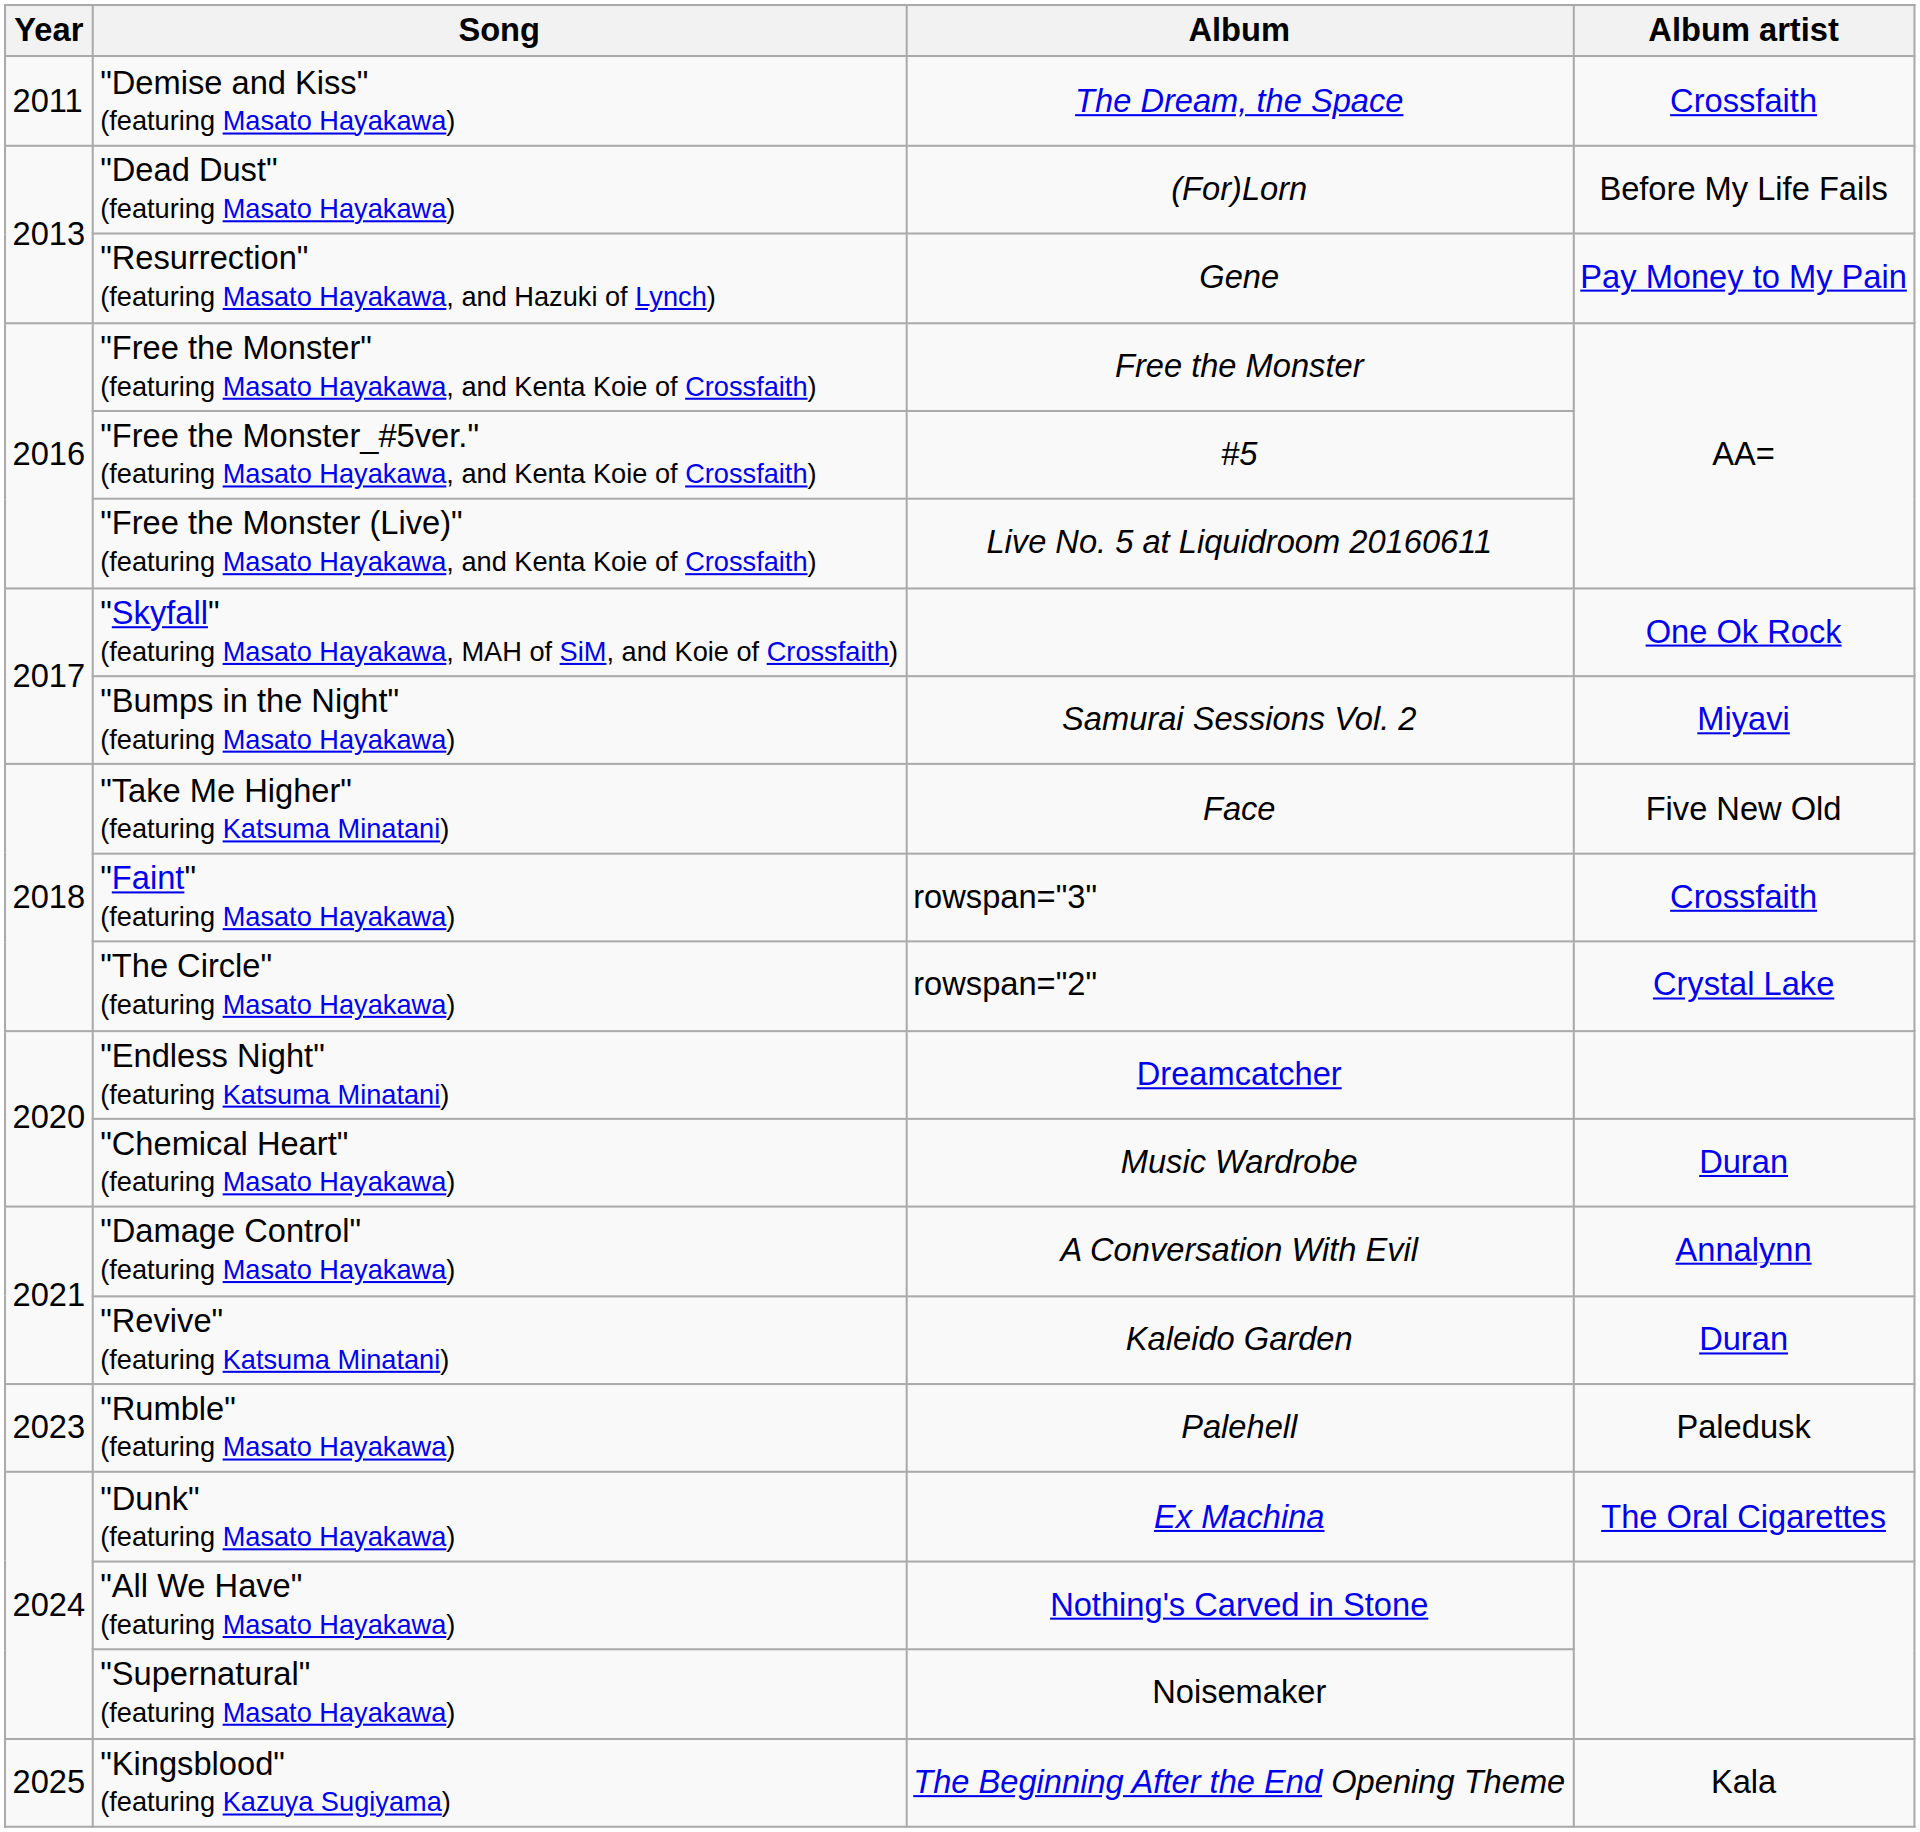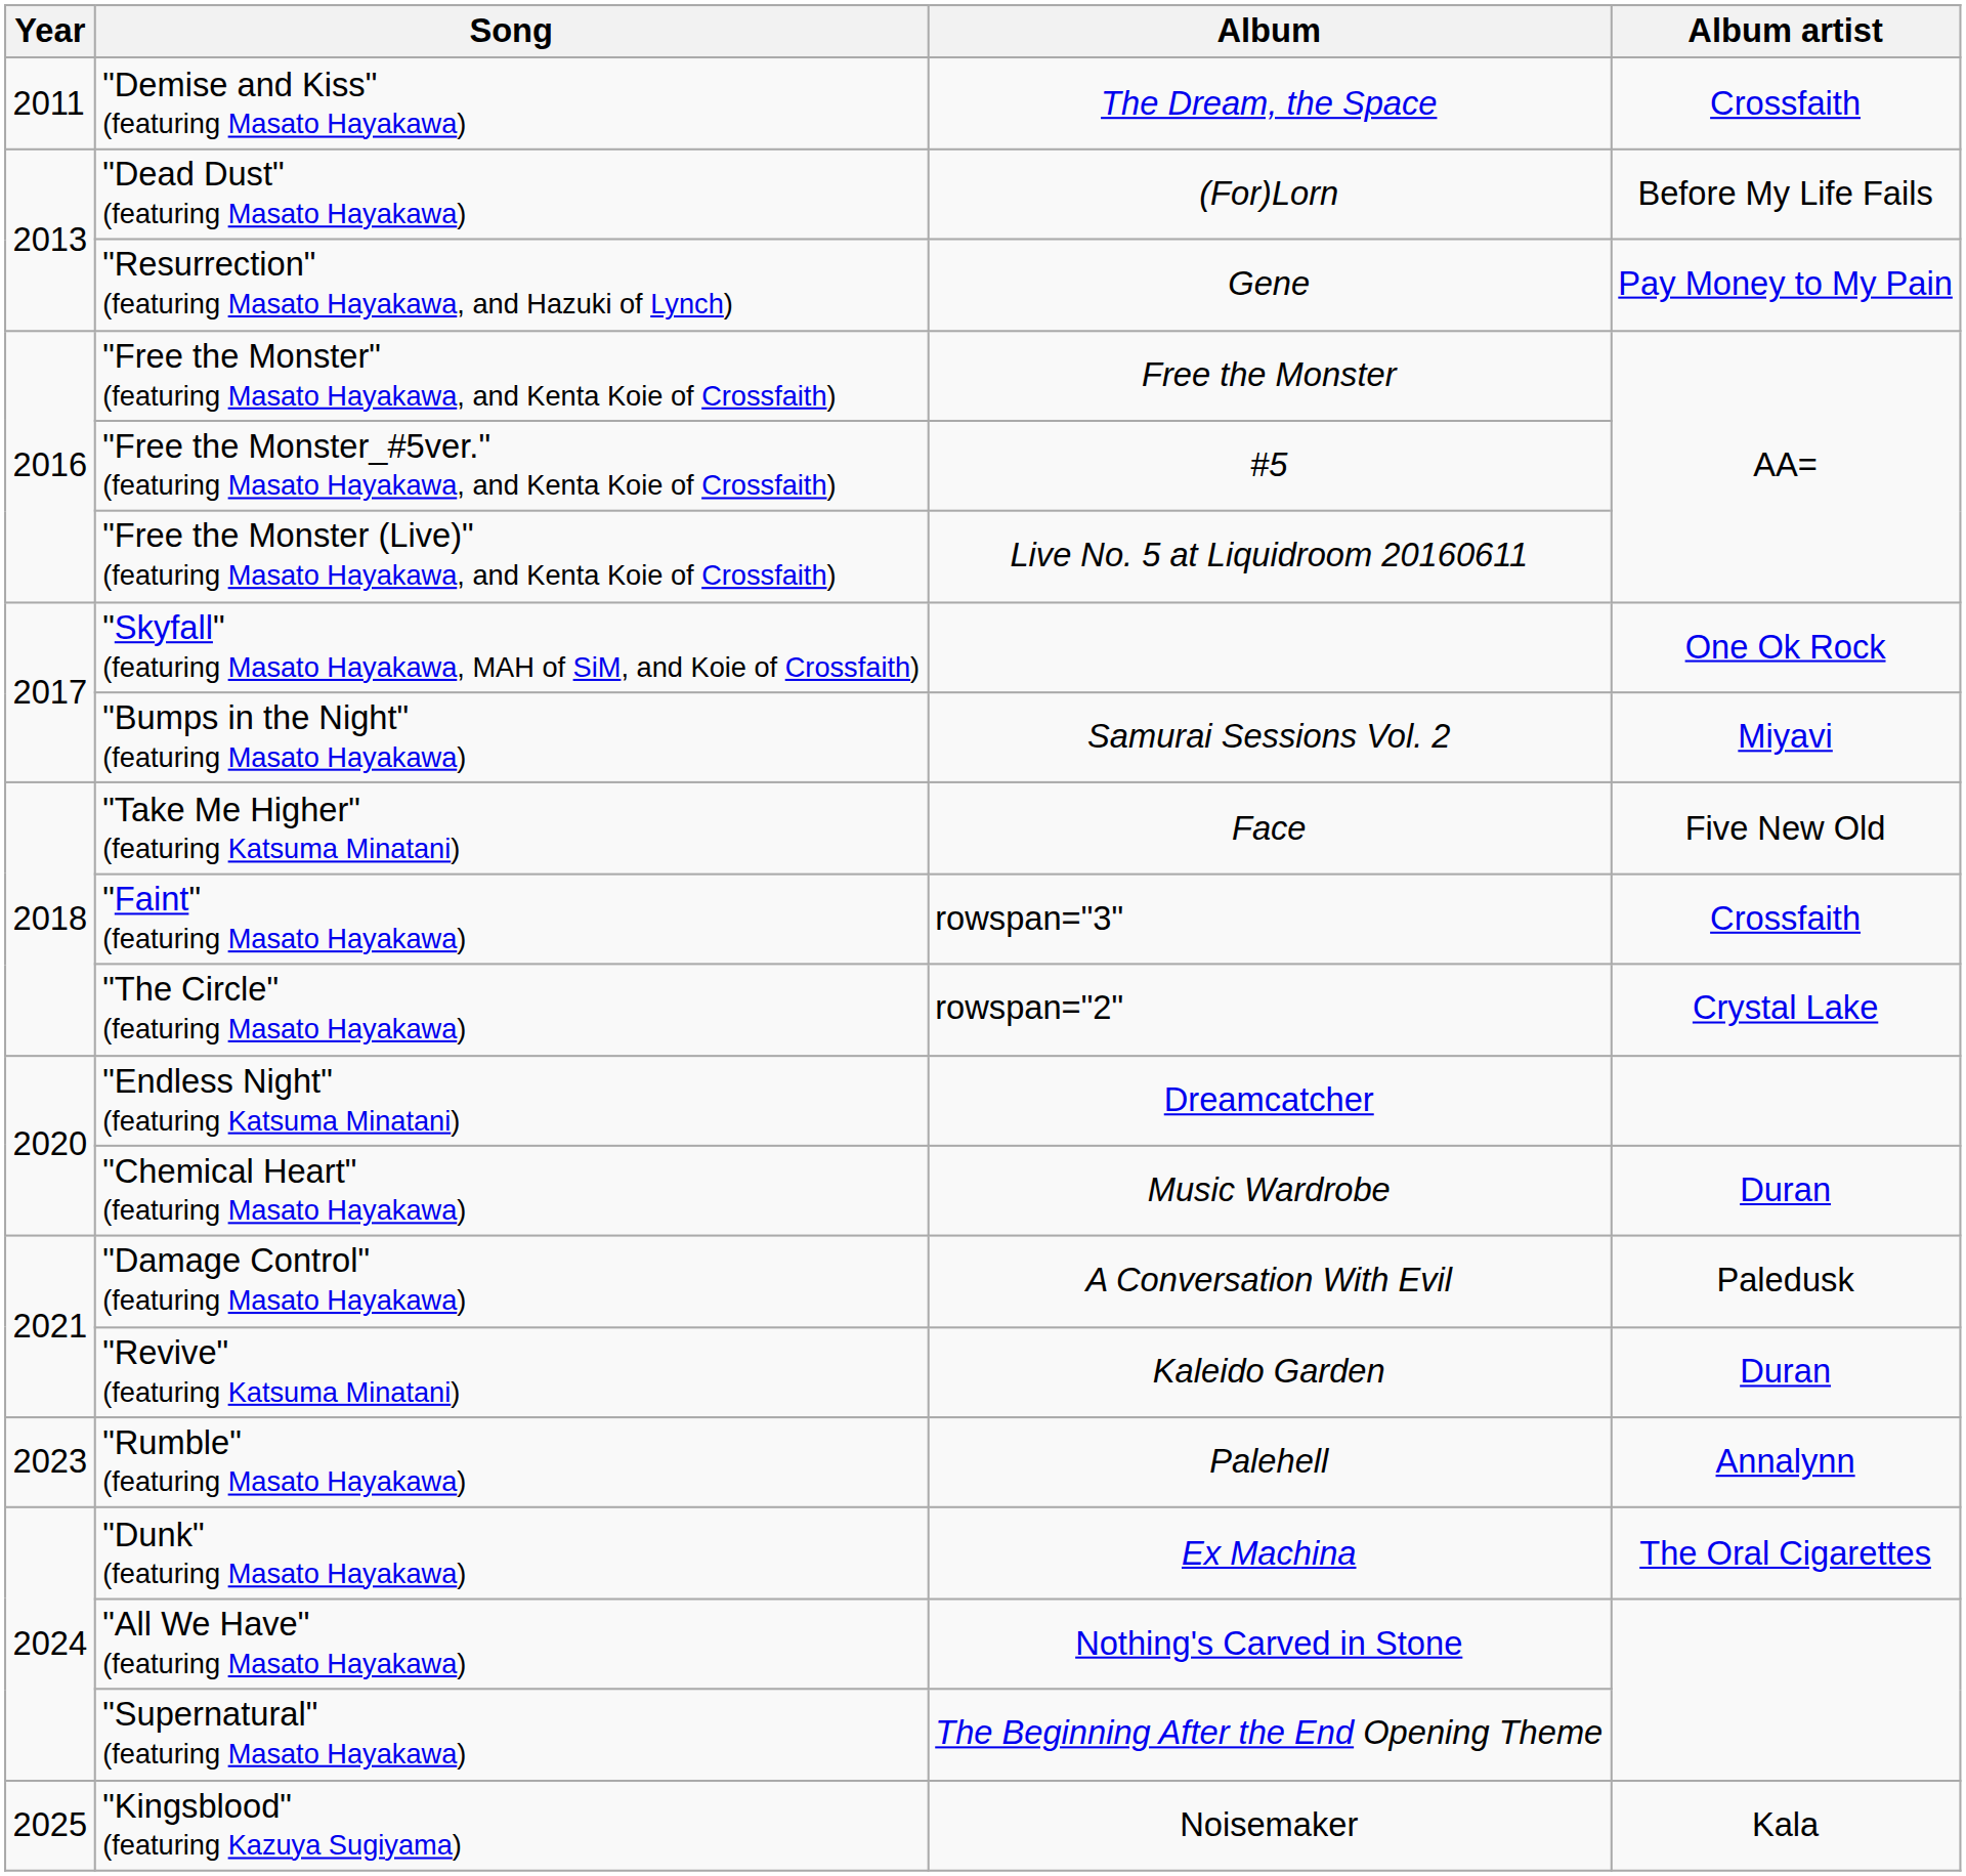 <table class="wikitable">
 <tr>
 <th>Year</th>
 <th>Song</th>
 <th>Album</th>
 <th>Album artist</th>
 </tr>
 <tr>
 <td>2011</td>
 <td>"Demise and Kiss"<br><small>(featuring <a href='#'>Masato Hayakawa</a>)</small></td>
 <td align="center"><em><a href='#'>The Dream, the Space</a></em></td>
 <td align="center"><a href='#'>Crossfaith</a></td>
 </tr>
 <tr>
 <td rowspan="2">2013</td>
 <td>"Dead Dust"<br><small>(featuring <a href='#'>Masato Hayakawa</a>)</small></td>
 <td align="center"><em>(For)Lorn</em></td>
 <td align="center">Before My Life Fails</td>
 </tr>
 <tr>
 <td>"Resurrection"<br><small>(featuring <a href='#'>Masato Hayakawa</a>, and Hazuki of <a href='#'>Lynch</a>)</small></td>
 <td align="center"><em>Gene</em></td>
 <td align="center"><a href='#'>Pay Money to My Pain</a></td>
 </tr>
 <tr>
 <td rowspan="3">2016</td>
 <td>"Free the Monster"<br><small>(featuring <a href='#'>Masato Hayakawa</a>, and Kenta Koie of <a href='#'>Crossfaith</a>)</small></td>
 <td align="center"><em>Free the Monster</em></td>
 <td align="center" rowspan="3">AA=</td>
 </tr>
 <tr>
 <td>"Free the Monster_#5ver."<br><small>(featuring <a href='#'>Masato Hayakawa</a>, and Kenta Koie of <a href='#'>Crossfaith</a>)</small></td>
 <td align="center"><em>#5</em></td>
 </tr>
 <tr>
 <td>"Free the Monster (Live)"<br><small>(featuring <a href='#'>Masato Hayakawa</a>, and Kenta Koie of <a href='#'>Crossfaith</a>)</small></td>
 <td align="center"><em>Live No. 5 at Liquidroom 20160611</em></td>
 </tr>
 <tr>
 <td rowspan="2">2017</td>
 <td>"<a href='#'>Skyfall</a>"<br><small>(featuring <a href='#'>Masato Hayakawa</a>, MAH of <a href='#'>SiM</a>, and Koie of <a href='#'>Crossfaith</a>)</small></td>
 <td></td>
 <td align="center"><a href='#'>One Ok Rock</a></td>
 </tr>
 <tr>
 <td>"Bumps in the Night"<br><small>(featuring <a href='#'>Masato Hayakawa</a>)</small></td>
 <td align="center"><em>Samurai Sessions Vol. 2</em></td>
 <td align="center"><a href='#'>Miyavi</a></td>
 </tr>
 <tr>
 <td rowspan="3">2018</td>
 <td>"Take Me Higher"<br><small>(featuring <a href='#'>Katsuma Minatani</a>)</small></td>
 <td align="center"><em>Face</em></td>
 <td align="center">Five New Old</td>
 </tr>
 <tr>
 <td>"<a href='#'>Faint</a>"<br><small>(featuring <a href='#'>Masato Hayakawa</a>)</small></td>
 <td>rowspan="3"</td>
 <td align="center"><a href='#'>Crossfaith</a></td>
 </tr>
 <tr>
 <td>"The Circle"<br><small>(featuring <a href='#'>Masato Hayakawa</a>)</small></td>
 <td>rowspan="2"</td>
 <td align="center"><a href='#'>Crystal Lake</a></td>
 </tr>
 <tr>
 <td rowspan="2">2020</td>
 <td>"Endless Night"<br><small>(featuring <a href='#'>Katsuma Minatani</a>)</small></td>
 <td align="center"><a href='#'>Dreamcatcher</a></td>
 </tr>
 <tr>
 <td>"Chemical Heart"<br><small>(featuring <a href='#'>Masato Hayakawa</a>)</small></td>
 <td align="center"><em>Music Wardrobe</em></td>
 <td align="center"><a href='#'>Duran</a></td>
 </tr>
 <tr>
 <td rowspan="2">2021</td>
 <td>"Damage Control"<br><small>(featuring <a href='#'>Masato Hayakawa</a>)</small></td>
 <td align="center"><em>A Conversation With Evil</em></td>
-<td align="center"><a href='#'>Annalynn</a></td>
+<td align="center">Paledusk</td>
 </tr>
 <tr>
 <td>"Revive"<br><small>(featuring <a href='#'>Katsuma Minatani</a>)</small></td>
 <td align="center"><em>Kaleido Garden</em></td>
 <td align="center"><a href='#'>Duran</a></td>
 </tr>
 <tr>
 <td>2023</td>
 <td>"Rumble"<br><small>(featuring <a href='#'>Masato Hayakawa</a>)</small></td>
 <td align="center"><em>Palehell</em></td>
-<td align="center">Paledusk</td>
+<td align="center"><a href='#'>Annalynn</a></td>
 </tr>
 <tr>
 <td rowspan="3">2024</td>
 <td>"Dunk"<br><small>(featuring <a href='#'>Masato Hayakawa</a>)</small></td>
 <td align="center"><em><a href='#'>Ex Machina</a></em></td>
 <td align="center"><a href='#'>The Oral Cigarettes</a></td>
 </tr>
 <tr>
 <td>"All We Have"<br><small>(featuring <a href='#'>Masato Hayakawa</a>)</small></td>
 <td align="center"><a href='#'>Nothing's Carved in Stone</a></td>
 </tr>
 <tr>
 <td>"Supernatural"<br><small>(featuring <a href='#'>Masato Hayakawa</a>)</small></td>
-<td align="center">Noisemaker</td>
+<td><em><a href='#'>The Beginning After the End</a> Opening Theme</em></td>
 </tr>
 <tr>
 <td>2025</td>
 <td>"Kingsblood"<br><small>(featuring <a href='#'>Kazuya Sugiyama</a>)</small></td>
-<td><em><a href='#'>The Beginning After the End</a> Opening Theme</em></td>
+<td align="center">Noisemaker</td>
 <td align="center">Kala</td>
 </tr>
 </table>
